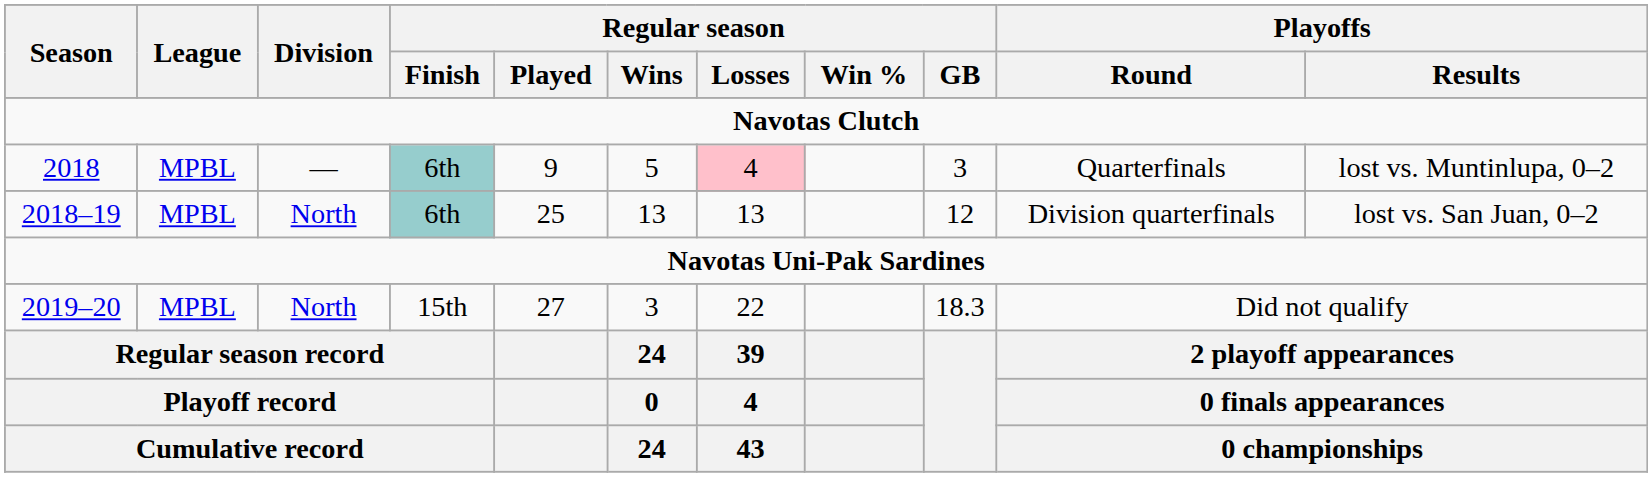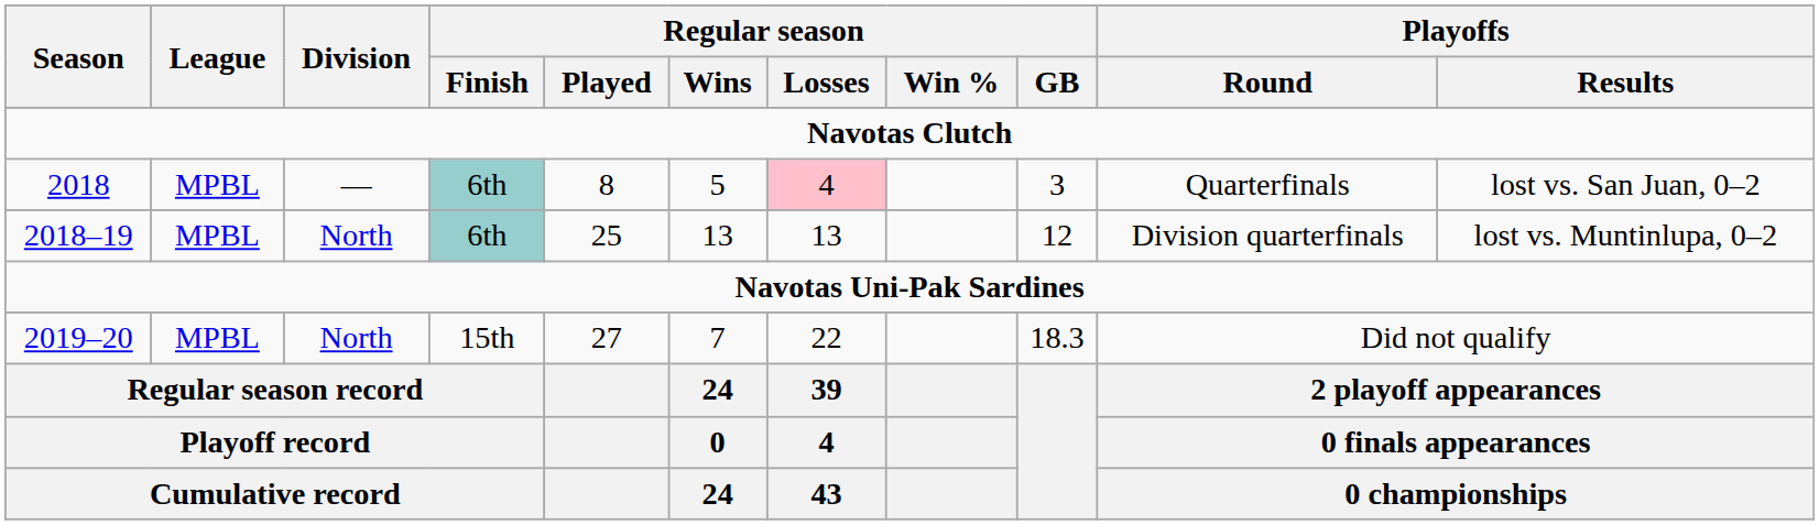 <table class="wikitable" style="width:100%; text-align:center; font-size:95%">
 <tr>
 <th rowspan=2>Season</th>
 <th rowspan=2>League</th>
 <th rowspan=2>Division</th>
 <th colspan=6>Regular season</th>
 <th colspan=2>Playoffs</th>
 </tr>
 <tr>
 <th>Finish</th>
 <th>Played</th>
 <th>Wins</th>
 <th>Losses</th>
 <th>Win %</th>
 <th>GB</th>
 <th>Round</th>
 <th>Results</th>
 </tr>
 <tr>
 <td align="center" colspan="11"><strong>Navotas Clutch</strong></td>
 </tr>
 <tr>
 <td><a href='#'>2018</a></td>
 <td><a href='#'>MPBL</a></td>
 <td>—</td>
 <td bgcolor="#96CDCD">6th</td>
-<td>9</td>
+<td>8</td>
 <td>5</td>
 <td style="background: pink;">4</td>
 <td></td>
 <td>3</td>
 <td>Quarterfinals</td>
-<td>lost vs. Muntinlupa, 0–2</td>
+<td>lost vs. San Juan, 0–2</td>
 </tr>
 <tr>
 <td><a href='#'>2018–19</a></td>
 <td><a href='#'>MPBL</a></td>
 <td><a href='#'>North</a></td>
 <td bgcolor="#96CDCD">6th</td>
 <td>25</td>
 <td>13</td>
 <td>13</td>
 <td></td>
 <td>12</td>
 <td>Division quarterfinals</td>
-<td>lost vs. San Juan, 0–2</td>
+<td>lost vs. Muntinlupa, 0–2</td>
 </tr>
 <tr>
 <td align="center" colspan="11"><strong>Navotas Uni-Pak Sardines</strong></td>
 </tr>
 <tr>
 <td><a href='#'>2019–20</a></td>
 <td><a href='#'>MPBL</a></td>
 <td><a href='#'>North</a></td>
 <td>15th</td>
 <td>27</td>
-<td>3</td>
+<td>7</td>
 <td>22</td>
 <td></td>
 <td>18.3</td>
 <td colspan=2>Did not qualify</td>
 </tr>
 <tr>
 <th colspan=4>Regular season record</th>
 <th></th>
 <th>24</th>
 <th>39</th>
 <th></th>
 <th rowspan=3></th>
 <th colspan=2>2 playoff appearances</th>
 </tr>
 <tr>
 <th colspan=4>Playoff record</th>
 <th></th>
 <th>0</th>
 <th>4</th>
 <th></th>
 <th colspan=2>0 finals appearances</th>
 </tr>
 <tr>
 <th colspan=4>Cumulative record</th>
 <th></th>
 <th>24</th>
 <th>43</th>
 <th></th>
 <th colspan=2>0 championships</th>
 </tr>
 </table>
